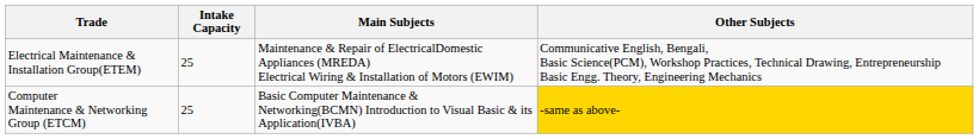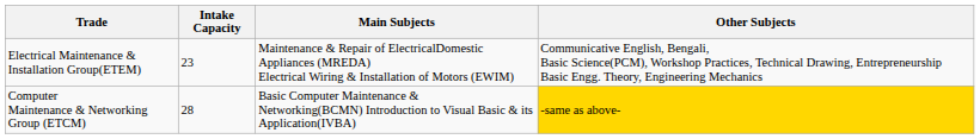 <table class="wikitable sortable">
 <tr>
 <th>Trade</th>
 <th>Intake Capacity</th>
 <th>Main Subjects</th>
 <th>Other Subjects</th>
 </tr>
 <tr>
 <td>Electrical Maintenance &<br>Installation Group(ETEM)</td>
-<td>25</td>
+<td>23</td>
 <td>Maintenance & Repair of ElectricalDomestic Appliances (MREDA)<br>Electrical Wiring & Installation of Motors (EWIM)</td>
 <td>Communicative English, Bengali,<br>Basic Science(PCM), Workshop Practices, Technical Drawing, Entrepreneurship Basic Engg. Theory, Engineering Mechanics</td>
 </tr>
 <tr>
 <td>Computer<br>Maintenance & Networking Group (ETCM)</td>
-<td>25</td>
+<td>28</td>
 <td>Basic Computer Maintenance &<br>Networking(BCMN) Introduction to Visual Basic & its Application(IVBA)</td>
 <td style="background: gold;">-same as above-</td>
 </tr>
 </table>
